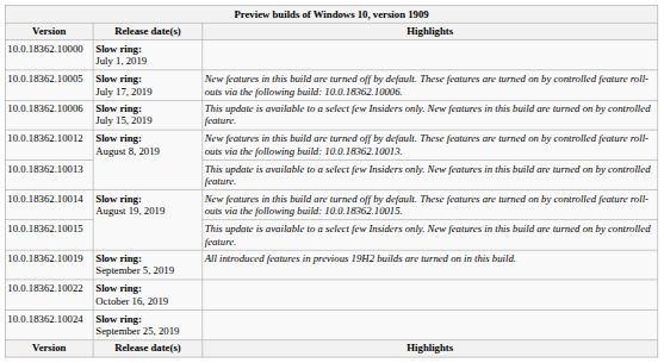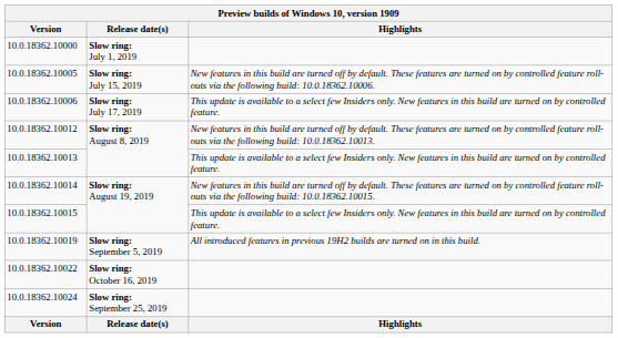 <table class="wikitable mw-collapsible mw-collapsed" style=width:100%;font-size:88%>
 <tr>
 <th colspan=3 style=text-align:center>Preview builds of Windows 10, version 1909</th>
 </tr>
 <tr>
 <th scope=col style=width:8em;text-align:center>Version</th>
 <th scope=col style=width:10em;text-align:center>Release date(s)</th>
 <th scope=col style=text-align:center>Highlights</th>
 </tr>
 <tr valign=top>
 <td>10.0.18362.10000<br></td>
 <td><strong>Slow ring:</strong><br>July 1, 2019</td>
 <td></td>
 </tr>
 <tr valign=top>
 <td>10.0.18362.10005<br></td>
-<td><strong>Slow ring:</strong><br>July 17, 2019</td>
+<td><strong>Slow ring:</strong><br>July 15, 2019</td>
 <td><em>New features in this build are turned off by default. These features are turned on by controlled feature roll-outs via the following build: 10.0.18362.10006.</em></td>
 </tr>
 <tr valign=top>
 <td>10.0.18362.10006<br></td>
-<td><strong>Slow ring:</strong><br>July 15, 2019</td>
+<td><strong>Slow ring:</strong><br>July 17, 2019</td>
 <td><em>This update is available to a select few Insiders only. New features in this build are turned on by controlled feature.</em></td>
 </tr>
 <tr valign=top>
 <td>10.0.18362.10012<br></td>
 <td rowspan=2><strong>Slow ring:</strong><br>August 8, 2019</td>
 <td><em>New features in this build are turned off by default. These features are turned on by controlled feature roll-outs via the following build: 10.0.18362.10013.</em></td>
 </tr>
 <tr valign=top>
 <td>10.0.18362.10013<br></td>
 <td><em>This update is available to a select few Insiders only. New features in this build are turned on by controlled feature.</em></td>
 </tr>
 <tr valign=top>
 <td>10.0.18362.10014<br></td>
 <td rowspan=2><strong>Slow ring:</strong><br>August 19, 2019</td>
 <td><em>New features in this build are turned off by default. These features are turned on by controlled feature roll-outs via the following build: 10.0.18362.10015.</em></td>
 </tr>
 <tr valign=top>
 <td>10.0.18362.10015<br></td>
 <td><em>This update is available to a select few Insiders only. New features in this build are turned on by controlled feature.</em></td>
 </tr>
 <tr valign=top>
 <td>10.0.18362.10019<br></td>
 <td><strong>Slow ring:</strong><br>September 5, 2019</td>
 <td><em>All introduced features in previous 19H2 builds are turned on in this build.</em></td>
 </tr>
 <tr valign=top>
 <td>10.0.18362.10022<br></td>
 <td><strong>Slow ring:</strong><br>October 16, 2019</td>
 <td></td>
 </tr>
 <tr valign=top>
 <td>10.0.18362.10024<br></td>
 <td><strong>Slow ring:</strong><br>September 25, 2019</td>
 <td></td>
 </tr>
 <tr>
 <th>Version</th>
 <th>Release date(s)</th>
 <th>Highlights</th>
 </tr>
 </table>
